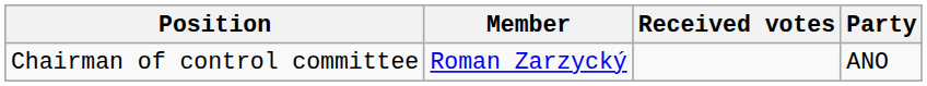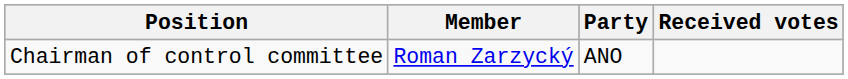 <table class="wikitable">
 <tr>
 <th>Position</th>
 <th>Member</th>
+<th>Party</th>
 <th>Received votes</th>
-<th>Party</th>
 </tr>
 <tr>
 <td>Chairman of control committee</td>
 <td><a href='#'>Roman Zarzycký</a></td>
+<td style="background-color:">ANO</td>
 <td></td>
-<td style="background-color:">ANO</td>
 </tr>
 </table>
